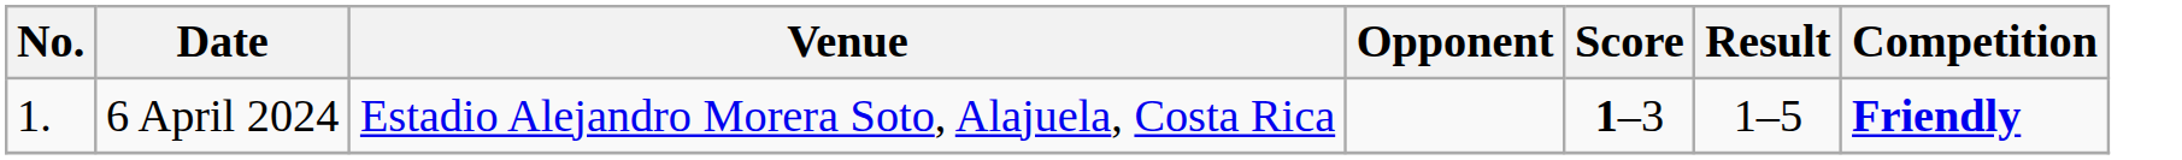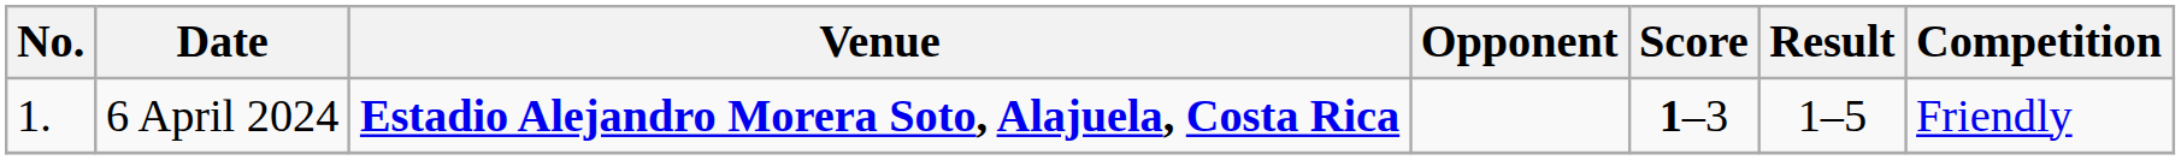 <table class="wikitable">
 <tr>
 <th>No.</th>
 <th>Date</th>
 <th>Venue</th>
 <th>Opponent</th>
 <th>Score</th>
 <th>Result</th>
 <th>Competition</th>
 </tr>
 <tr>
 <td>1.</td>
 <td>6 April 2024</td>
-<td><a href='#'>Estadio Alejandro Morera Soto</a>, <a href='#'>Alajuela</a>, <a href='#'>Costa Rica</a></td>
+<td><strong><a href='#'>Estadio Alejandro Morera Soto</a>, <a href='#'>Alajuela</a>, <a href='#'>Costa Rica</a></strong></td>
 <td></td>
 <td align=center><strong>1</strong>–3</td>
 <td align=center>1–5</td>
-<td><strong><a href='#'>Friendly</a></strong></td>
+<td><a href='#'>Friendly</a></td>
 </tr>
 <tr>
 </tr>
 </table>
